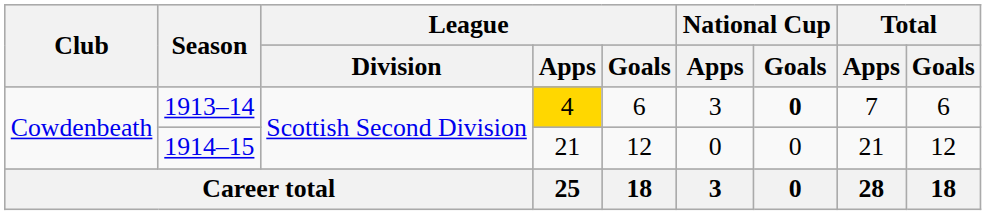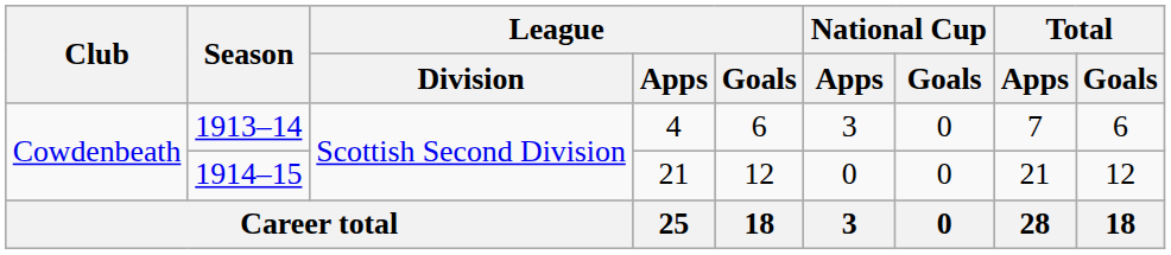 <table class="wikitable" style="text-align:center">
 <tr>
 <th rowspan="2">Club</th>
 <th rowspan="2">Season</th>
 <th colspan="3">League</th>
 <th colspan="2">National Cup</th>
 <th colspan="2">Total</th>
 </tr>
 <tr>
 <th>Division</th>
 <th>Apps</th>
 <th>Goals</th>
 <th>Apps</th>
 <th>Goals</th>
 <th>Apps</th>
 <th>Goals</th>
 </tr>
 <tr>
 <td rowspan="2"><a href='#'>Cowdenbeath</a></td>
 <td><a href='#'>1913–14</a></td>
 <td rowspan="2"><a href='#'>Scottish Second Division</a></td>
-<td style="background: gold;">4</td>
+<td>4</td>
 <td>6</td>
 <td>3</td>
-<td><strong>0</strong></td>
+<td>0</td>
 <td>7</td>
 <td>6</td>
 </tr>
 <tr>
 <td><a href='#'>1914–15</a></td>
 <td>21</td>
 <td>12</td>
 <td>0</td>
 <td>0</td>
 <td>21</td>
 <td>12</td>
 </tr>
 <tr>
 <th colspan="3">Career total</th>
 <th>25</th>
 <th>18</th>
 <th>3</th>
 <th>0</th>
 <th>28</th>
 <th>18</th>
 </tr>
 </table>
